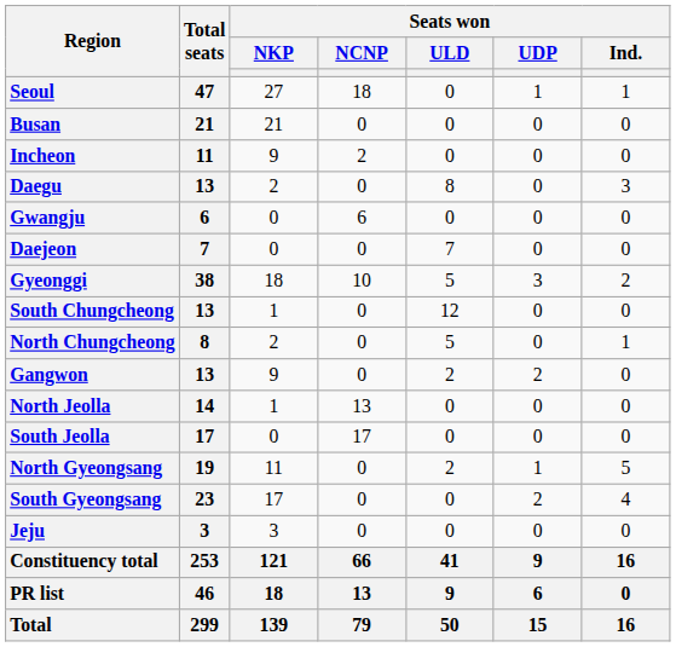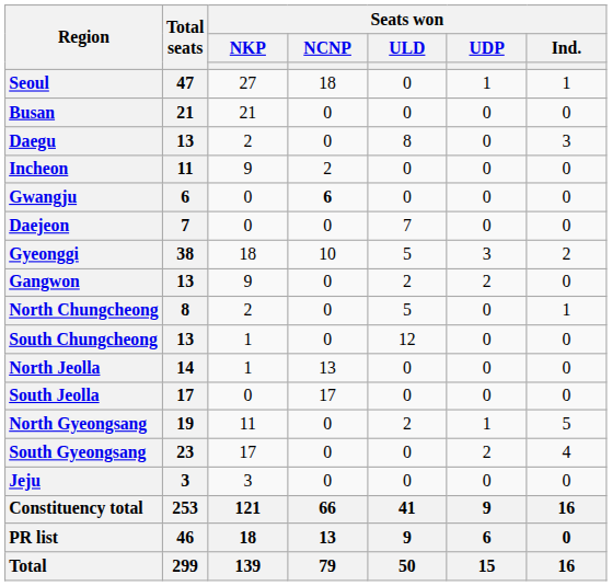 <table class="wikitable" style="text-align:center; font-size: 0.9em">
 <tr>
 <th rowspan="3">Region</th>
 <th rowspan="3">Total<br>seats</th>
 <th colspan="5">Seats won</th>
 </tr>
 <tr>
 <th class="unsortable" style="width:60px"><a href='#'>NKP</a></th>
 <th class="unsortable" style="width:60px"><a href='#'>NCNP</a></th>
 <th class="unsortable" style="width:60px"><a href='#'>ULD</a></th>
 <th class="unsortable" style="width:60px"><a href='#'>UDP</a></th>
 <th class="unsortable" style="width:60px">Ind.</th>
 </tr>
 <tr>
 <th style="background:"></th>
 <th style="background:"></th>
 <th style="background:"></th>
 <th style="background:"></th>
 <th style="background:"></th>
 </tr>
 <tr>
 <th style="text-align: left"><a href='#'>Seoul</a></th>
 <th>47</th>
 <td>27</td>
 <td>18</td>
 <td>0</td>
 <td>1</td>
 <td>1</td>
 </tr>
 <tr>
 <th style="text-align: left"><a href='#'>Busan</a></th>
 <th>21</th>
 <td>21</td>
 <td>0</td>
 <td>0</td>
 <td>0</td>
 <td>0</td>
 </tr>
 <tr>
+<th style="text-align: left"><a href='#'>Daegu</a></th>
+<th>13</th>
+<td>2</td>
+<td>0</td>
+<td>8</td>
+<td>0</td>
+<td>3</td>
+</tr>
+<tr>
 <th style="text-align: left"><a href='#'>Incheon</a></th>
 <th>11</th>
 <td>9</td>
 <td>2</td>
 <td>0</td>
 <td>0</td>
 <td>0</td>
 </tr>
 <tr>
-<th style="text-align: left"><a href='#'>Daegu</a></th>
-<th>13</th>
-<td>2</td>
-<td>0</td>
-<td>8</td>
-<td>0</td>
-<td>3</td>
-</tr>
-<tr>
 <th style="text-align: left"><a href='#'>Gwangju</a></th>
 <th>6</th>
 <td>0</td>
-<td>6</td>
+<td><strong>6</strong></td>
 <td>0</td>
 <td>0</td>
 <td>0</td>
 </tr>
 <tr>
 <th style="text-align: left"><a href='#'>Daejeon</a></th>
 <th>7</th>
 <td>0</td>
 <td>0</td>
 <td>7</td>
 <td>0</td>
 <td>0</td>
 </tr>
 <tr>
 <th style="text-align: left"><a href='#'>Gyeonggi</a></th>
 <th>38</th>
 <td>18</td>
 <td>10</td>
 <td>5</td>
 <td>3</td>
 <td>2</td>
 </tr>
 <tr>
-<th style="text-align: left"><a href='#'>South Chungcheong</a></th>
+<th style="text-align: left"><a href='#'>Gangwon</a></th>
 <th>13</th>
-<td>1</td>
+<td>9</td>
 <td>0</td>
-<td>12</td>
-<td>0</td>
+<td>2</td>
+<td>2</td>
 <td>0</td>
 </tr>
 <tr>
 <th style="text-align: left"><a href='#'>North Chungcheong</a></th>
 <th>8</th>
 <td>2</td>
 <td>0</td>
 <td>5</td>
 <td>0</td>
 <td>1</td>
 </tr>
 <tr>
-<th style="text-align: left"><a href='#'>Gangwon</a></th>
+<th style="text-align: left"><a href='#'>South Chungcheong</a></th>
 <th>13</th>
-<td>9</td>
+<td>1</td>
 <td>0</td>
-<td>2</td>
-<td>2</td>
+<td>12</td>
+<td>0</td>
 <td>0</td>
 </tr>
 <tr>
 <th style="text-align: left"><a href='#'>North Jeolla</a></th>
 <th>14</th>
 <td>1</td>
 <td>13</td>
 <td>0</td>
 <td>0</td>
 <td>0</td>
 </tr>
 <tr>
 <th style="text-align: left"><a href='#'>South Jeolla</a></th>
 <th>17</th>
 <td>0</td>
 <td>17</td>
 <td>0</td>
 <td>0</td>
 <td>0</td>
 </tr>
 <tr>
 <th style="text-align: left"><a href='#'>North Gyeongsang</a></th>
 <th>19</th>
 <td>11</td>
 <td>0</td>
 <td>2</td>
 <td>1</td>
 <td>5</td>
 </tr>
 <tr>
 <th style="text-align: left"><a href='#'>South Gyeongsang</a></th>
 <th>23</th>
 <td>17</td>
 <td>0</td>
 <td>0</td>
 <td>2</td>
 <td>4</td>
 </tr>
 <tr>
 <th style="text-align: left"><a href='#'>Jeju</a></th>
 <th>3</th>
 <td>3</td>
 <td>0</td>
 <td>0</td>
 <td>0</td>
 <td>0</td>
 </tr>
 <tr class="sortbottom">
 <th style="text-align: left">Constituency total</th>
 <th>253</th>
 <th>121</th>
 <th>66</th>
 <th>41</th>
 <th>9</th>
 <th>16</th>
 </tr>
 <tr>
 <th style="text-align: left">PR list</th>
 <th>46</th>
 <th>18</th>
 <th>13</th>
 <th>9</th>
 <th>6</th>
 <th>0</th>
 </tr>
 <tr>
 <th style="text-align: left">Total</th>
 <th>299</th>
 <th>139</th>
 <th>79</th>
 <th>50</th>
 <th>15</th>
 <th>16</th>
 </tr>
 </table>
